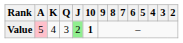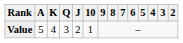 <table class="wikitable" align="right">
 <tr>
 <th>Rank</th>
 <th>A</th>
 <th>K</th>
 <th>Q</th>
 <th>J</th>
 <th>10</th>
 <th>9</th>
 <th>8</th>
 <th>7</th>
 <th>6</th>
 <th>5</th>
 <th>4</th>
 <th>3</th>
 <th>2</th>
 </tr>
 <tr align="center">
 <td style="background:#efefef;"><strong>Value</strong></td>
-<td style="background: pink;">5</td>
+<td>5</td>
 <td>4</td>
 <td>3</td>
-<td style="background: lightgreen;">2</td>
-<td><strong>1</strong></td>
+<td>2</td>
+<td>1</td>
 <td colspan=8>–</td>
 </tr>
 </table>
